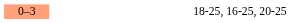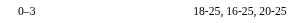 <table>
 <tr>
 <th width=190></th>
 <th width=60></th>
 <th width=190></th>
 <th width=200></th>
 </tr>
 <tr>
 <td align=right></td>
-<td align=center style="background: lightsalmon;">0–3</td>
+<td align=center>0–3</td>
 <td><strong></strong></td>
 <td>18-25, 16-25, 20-25</td>
 </tr>
 </table>
